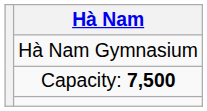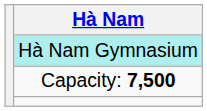 <table class="wikitable" style="margin:1em auto; text-align:center;">
 <tr>
 <th rowspan="4"></th>
 <th><a href='#'>Hà Nam</a></th>
 </tr>
 <tr>
-<td>Hà Nam Gymnasium</td>
+<td style="background: paleturquoise;">Hà Nam Gymnasium</td>
 </tr>
 <tr>
 <td>Capacity: <strong>7,500</strong></td>
 </tr>
 <tr>
 <td></td>
 </tr>
 </table>
